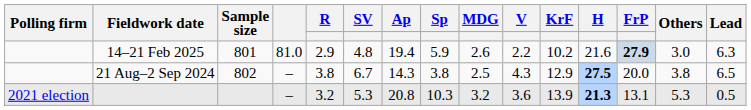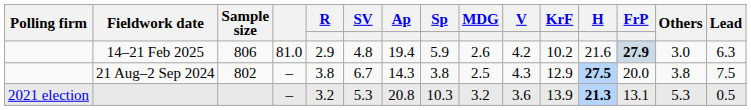 <table class="wikitable sortable mw-datatable" style="text-align:center;font-size:90%;line-height:14px;">
 <tr>
 <th rowspan="2">Polling firm</th>
 <th rowspan="2">Fieldwork date</th>
 <th rowspan="2">Sample<br>size</th>
 <th rowspan="2"></th>
 <th class="unsortable" style="width:30px;"><a href='#'>R</a></th>
 <th class="unsortable" style="width:30px;"><a href='#'>SV</a></th>
 <th class="unsortable" style="width:30px;"><a href='#'>Ap</a></th>
 <th class="unsortable" style="width:30px;"><a href='#'>Sp</a></th>
 <th class="unsortable" style="width:30px;"><a href='#'>MDG</a></th>
 <th class="unsortable" style="width:30px;"><a href='#'>V</a></th>
 <th class="unsortable" style="width:30px;"><a href='#'>KrF</a></th>
 <th class="unsortable" style="width:30px;"><a href='#'>H</a></th>
 <th class="unsortable" style="width:30px;"><a href='#'>FrP</a></th>
 <th rowspan="2" class="unsortable" style="width:30px;">Others</th>
 <th rowspan="2">Lead</th>
 </tr>
 <tr>
 <th style="background:"></th>
 <th style="background:"></th>
 <th style="background:"></th>
 <th style="background:"></th>
 <th style="background:"></th>
 <th style="background:"></th>
 <th style="background:"></th>
 <th style="background:"></th>
 <th style="background:"></th>
 </tr>
 <tr>
 <td></td>
 <td>14–21 Feb 2025</td>
-<td>801</td>
+<td>806</td>
 <td>81.0</td>
 <td>2.9</td>
 <td>4.8</td>
 <td>19.4</td>
 <td>5.9</td>
 <td>2.6</td>
-<td>2.2</td>
+<td>4.2</td>
 <td>10.2</td>
 <td>21.6</td>
 <td style="background:#ccdae8;"><strong>27.9</strong></td>
 <td>3.0</td>
 <td style="background:">6.3</td>
 </tr>
 <tr>
 <td></td>
 <td>21 Aug–2 Sep 2024</td>
 <td>802</td>
 <td>–</td>
 <td>3.8</td>
 <td>6.7</td>
 <td>14.3</td>
 <td>3.8</td>
 <td>2.5</td>
 <td>4.3</td>
 <td>12.9</td>
 <td style="background:#B5D5FF;"><strong>27.5</strong></td>
 <td>20.0</td>
 <td>3.8</td>
-<td style="background:">6.5</td>
+<td style="background:">7.5</td>
 </tr>
 <tr style="background:#E9E9E9;">
 <td><a href='#'>2021 election</a></td>
 <td></td>
 <td></td>
 <td>–</td>
 <td>3.2</td>
 <td>5.3</td>
 <td>20.8</td>
 <td>10.3</td>
 <td>3.2</td>
 <td>3.6</td>
 <td>13.9</td>
 <td style="background:#B5D5FF;"><strong>21.3</strong></td>
 <td>13.1</td>
 <td>5.3</td>
 <td style="background:">0.5</td>
 </tr>
 </table>
